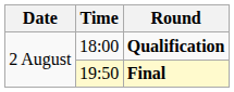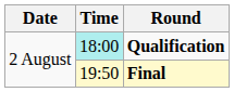 <table class="wikitable">
 <tr>
 <th>Date</th>
 <th>Time</th>
 <th>Round</th>
 </tr>
 <tr>
 <td rowspan=2>2 August</td>
-<td>18:00</td>
+<td style="background: paleturquoise;">18:00</td>
 <td><strong>Qualification</strong></td>
 </tr>
 <tr style=background:lemonchiffon>
 <td>19:50</td>
 <td><strong>Final</strong></td>
 </tr>
 </table>
